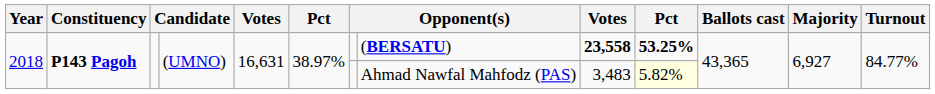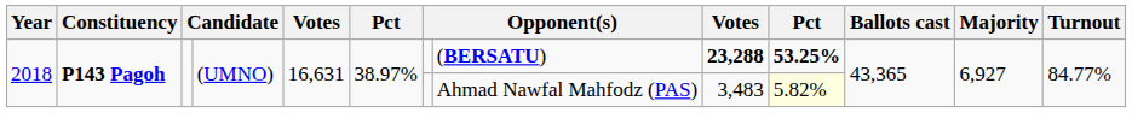 <table class="wikitable" style="margin:0.5em ; font-size:95%">
 <tr>
 <th>Year</th>
 <th>Constituency</th>
 <th colspan=2>Candidate</th>
 <th>Votes</th>
 <th>Pct</th>
 <th colspan=2>Opponent(s)</th>
 <th>Votes</th>
 <th>Pct</th>
 <th>Ballots cast</th>
 <th>Majority</th>
 <th>Turnout</th>
 </tr>
 <tr>
 <td rowspan=2><a href='#'>2018</a></td>
 <td rowspan=2><strong>P143 <a href='#'>Pagoh</a></strong></td>
 <td rowspan=2 ></td>
 <td rowspan=2> (<a href='#'>UMNO</a>)</td>
 <td rowspan=2 align="right">16,631</td>
 <td rowspan=2>38.97%</td>
 <td></td>
 <td> (<a href='#'><strong>BERSATU</strong></a>)</td>
-<td align="right"><strong>23,558</strong></td>
+<td align="right"><strong>23,288</strong></td>
 <td><strong>53.25%</strong></td>
 <td rowspan=2>43,365</td>
 <td rowspan=2>6,927</td>
 <td rowspan=2>84.77%</td>
 </tr>
 <tr>
 <td></td>
 <td>Ahmad Nawfal Mahfodz (<a href='#'>PAS</a>)</td>
 <td align="right">3,483</td>
 <td style="background: lightyellow;">5.82%</td>
 </tr>
 </table>
